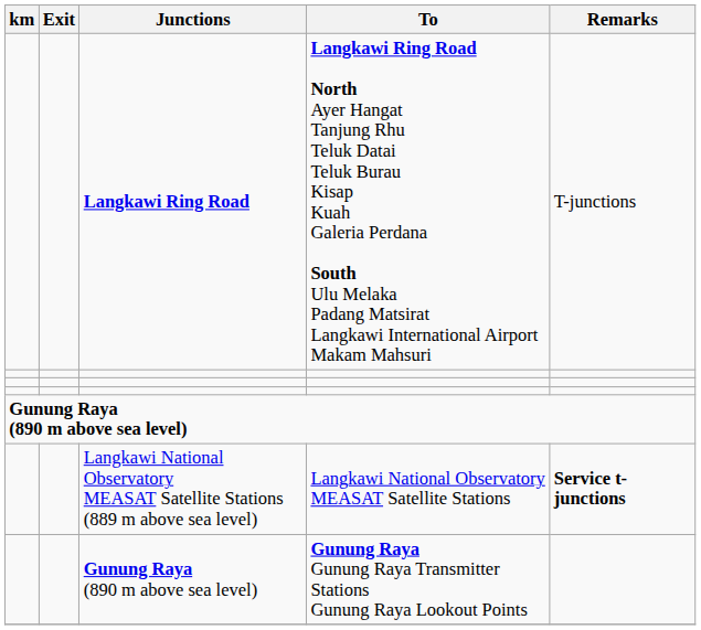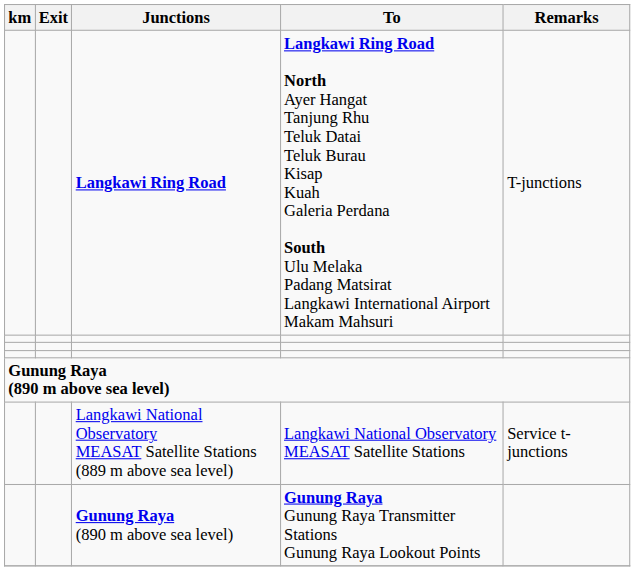 <table class="wikitable">
 <tr>
 <th>km</th>
 <th>Exit</th>
 <th>Junctions</th>
 <th>To</th>
 <th>Remarks</th>
 </tr>
 <tr>
 <td></td>
 <td></td>
 <td> <strong><a href='#'>Langkawi Ring Road</a></strong></td>
 <td> <strong><a href='#'>Langkawi Ring Road</a></strong><br><br><strong>North</strong><br> Ayer Hangat<br> Tanjung Rhu<br> Teluk Datai<br> Teluk Burau<br> Kisap<br> Kuah<br>Galeria Perdana<br><br><strong>South</strong><br> Ulu Melaka<br> Padang Matsirat<br> Langkawi International Airport <br>Makam Mahsuri</td>
 <td>T-junctions</td>
 </tr>
 <tr>
 <td></td>
 <td></td>
 <td> </td>
 <td> </td>
 <td></td>
 </tr>
 <tr>
 <td></td>
 <td></td>
 <td> </td>
 <td> </td>
 <td></td>
 </tr>
 <tr>
 <td></td>
 <td></td>
 <td> </td>
 <td> </td>
 <td></td>
 </tr>
 <tr>
 <td style="width:600px" colspan="6" style="text-align:center; background:white;"><strong><span>Gunung Raya<br>(890 m above sea level)</span></strong></td>
 </tr>
 <tr>
 <td></td>
 <td></td>
 <td><a href='#'>Langkawi National Observatory</a><br><a href='#'>MEASAT</a> Satellite Stations<br>(889 m above sea level)</td>
 <td><a href='#'>Langkawi National Observatory</a><br><a href='#'>MEASAT</a> Satellite Stations</td>
-<td><strong>Service t-junctions</strong></td>
+<td>Service t-junctions</td>
 </tr>
 <tr>
 <td></td>
 <td></td>
 <td><strong><a href='#'>Gunung Raya</a></strong><br>(890 m above sea level)</td>
 <td><strong><a href='#'>Gunung Raya</a></strong><br>Gunung Raya Transmitter Stations<br>Gunung Raya Lookout Points<br> </td>
 <td></td>
 </tr>
 <tr>
 </tr>
 </table>
